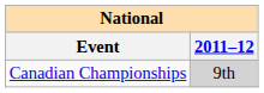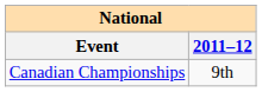 <table class="wikitable" style="text-align:center">
 <tr>
 <th colspan="2" style="background-color: #ffdead; " align="center">National</th>
 </tr>
 <tr>
 <th>Event</th>
 <th><a href='#'>2011–12</a></th>
 </tr>
 <tr>
 <td align=left><a href='#'>Canadian Championships</a></td>
-<td style="background: lightgrey;">9th</td>
+<td>9th</td>
 </tr>
 </table>
